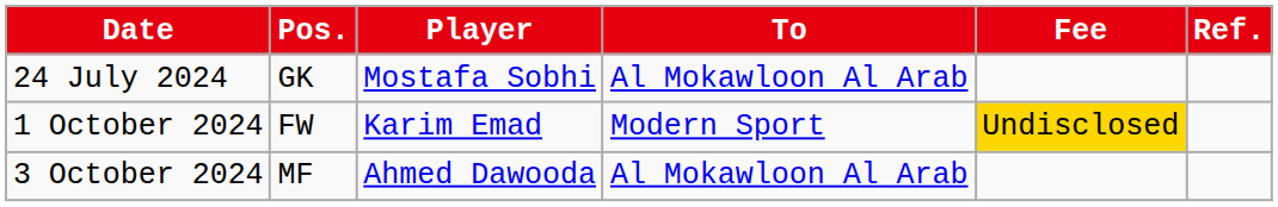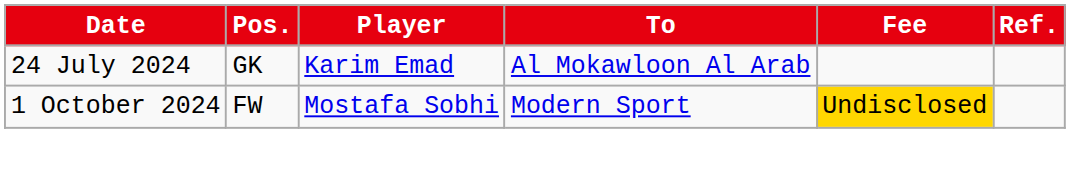 <table class="wikitable plainrowheaders sortable">
 <tr>
 <th style="background:#e6000f; color:#ffffff; ">Date</th>
 <th style="background:#e6000f; color:#ffffff; ">Pos.</th>
 <th style="background:#e6000f; color:#ffffff; ">Player</th>
 <th style="background:#e6000f; color:#ffffff; ">To</th>
 <th style="background:#e6000f; color:#ffffff; ">Fee</th>
 <th style="background:#e6000f; color:#ffffff; ">Ref.</th>
 </tr>
 <tr>
 <td>24 July 2024</td>
 <td>GK</td>
-<td> <a href='#'>Mostafa Sobhi</a></td>
+<td> <a href='#'>Karim Emad</a></td>
 <td> <a href='#'>Al Mokawloon Al Arab</a></td>
 <td></td>
 <td></td>
 </tr>
 <tr>
 <td>1 October 2024</td>
 <td>FW</td>
-<td> <a href='#'>Karim Emad</a></td>
+<td> <a href='#'>Mostafa Sobhi</a></td>
 <td> <a href='#'>Modern Sport</a></td>
 <td style="background: gold;">Undisclosed</td>
 <td></td>
 </tr>
-<tr>
-<td>3 October 2024</td>
-<td>MF</td>
-<td> <a href='#'>Ahmed Dawooda</a></td>
-<td> <a href='#'>Al Mokawloon Al Arab</a></td>
-<td></td>
-<td></td>
-</tr>
 </table>
